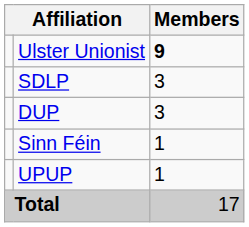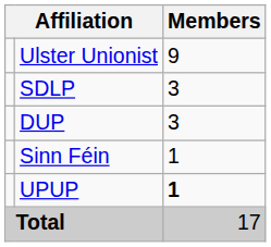 <table class="wikitable">
 <tr>
 <th colspan="2">Affiliation</th>
 <th>Members</th>
 </tr>
 <tr>
 <td></td>
 <td><a href='#'>Ulster Unionist</a></td>
-<td><strong>9</strong></td>
+<td>9</td>
 </tr>
 <tr>
 <td></td>
 <td><a href='#'>SDLP</a></td>
 <td>3</td>
 </tr>
 <tr>
 <td></td>
 <td><a href='#'>DUP</a></td>
 <td>3</td>
 </tr>
 <tr>
 <td></td>
 <td><a href='#'>Sinn Féin</a></td>
 <td>1</td>
 </tr>
 <tr>
 <td></td>
 <td><a href='#'>UPUP</a></td>
-<td>1</td>
+<td><strong>1</strong></td>
 </tr>
 <tr bgcolor="CCCCCC">
 <td colspan="2" rowspan="1"> <strong>Total</strong></td>
 <td align="right">17</td>
 </tr>
 </table>
